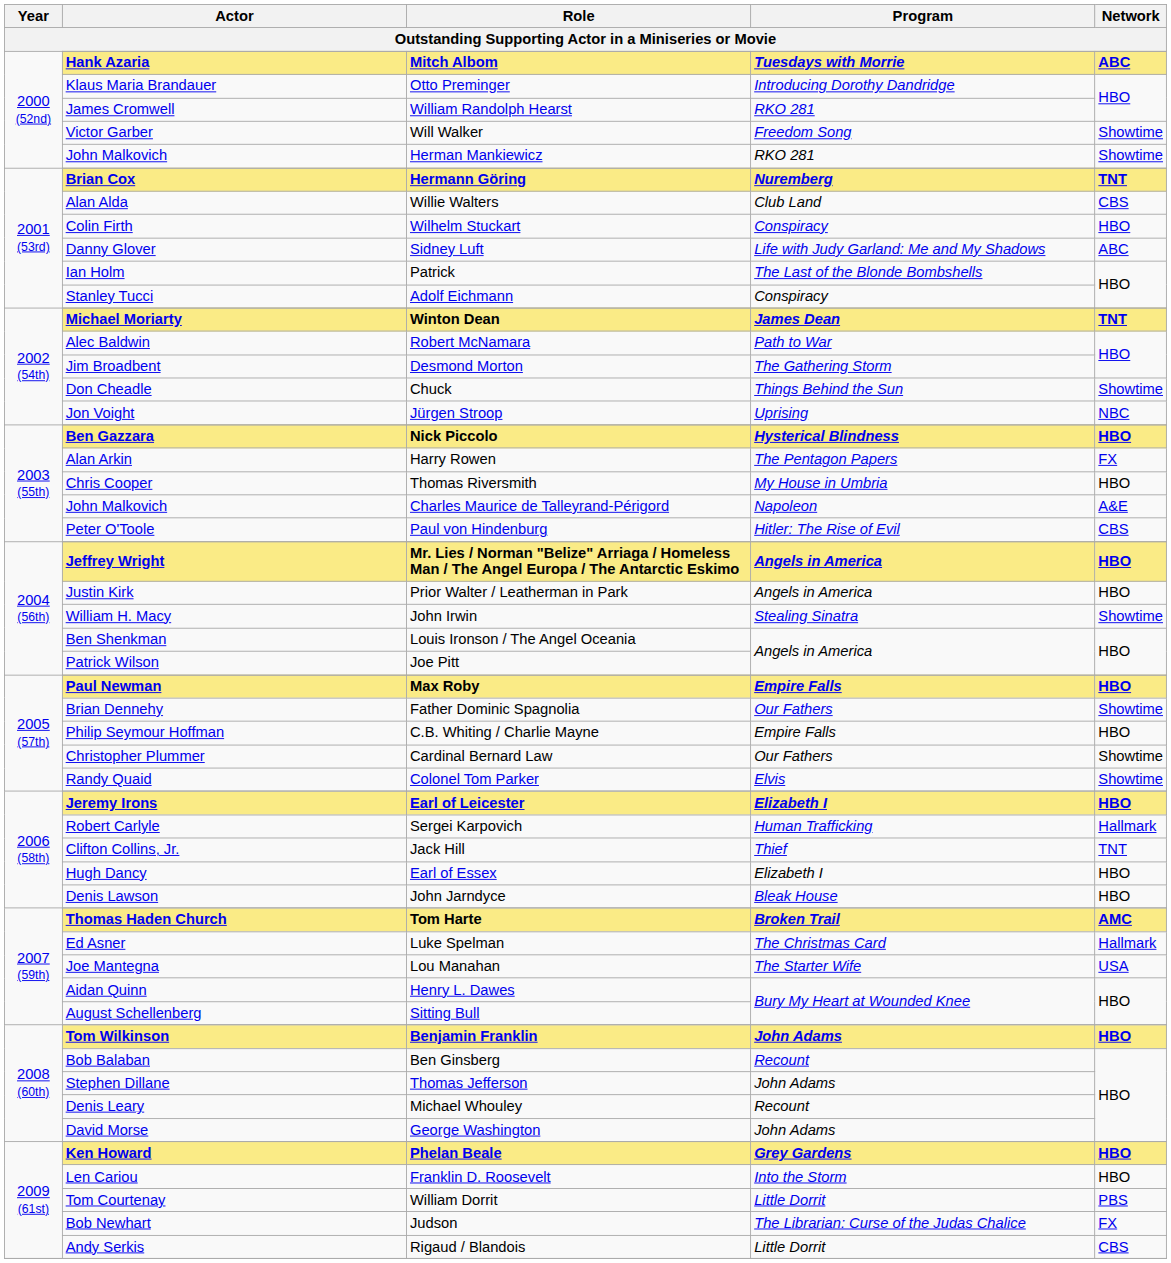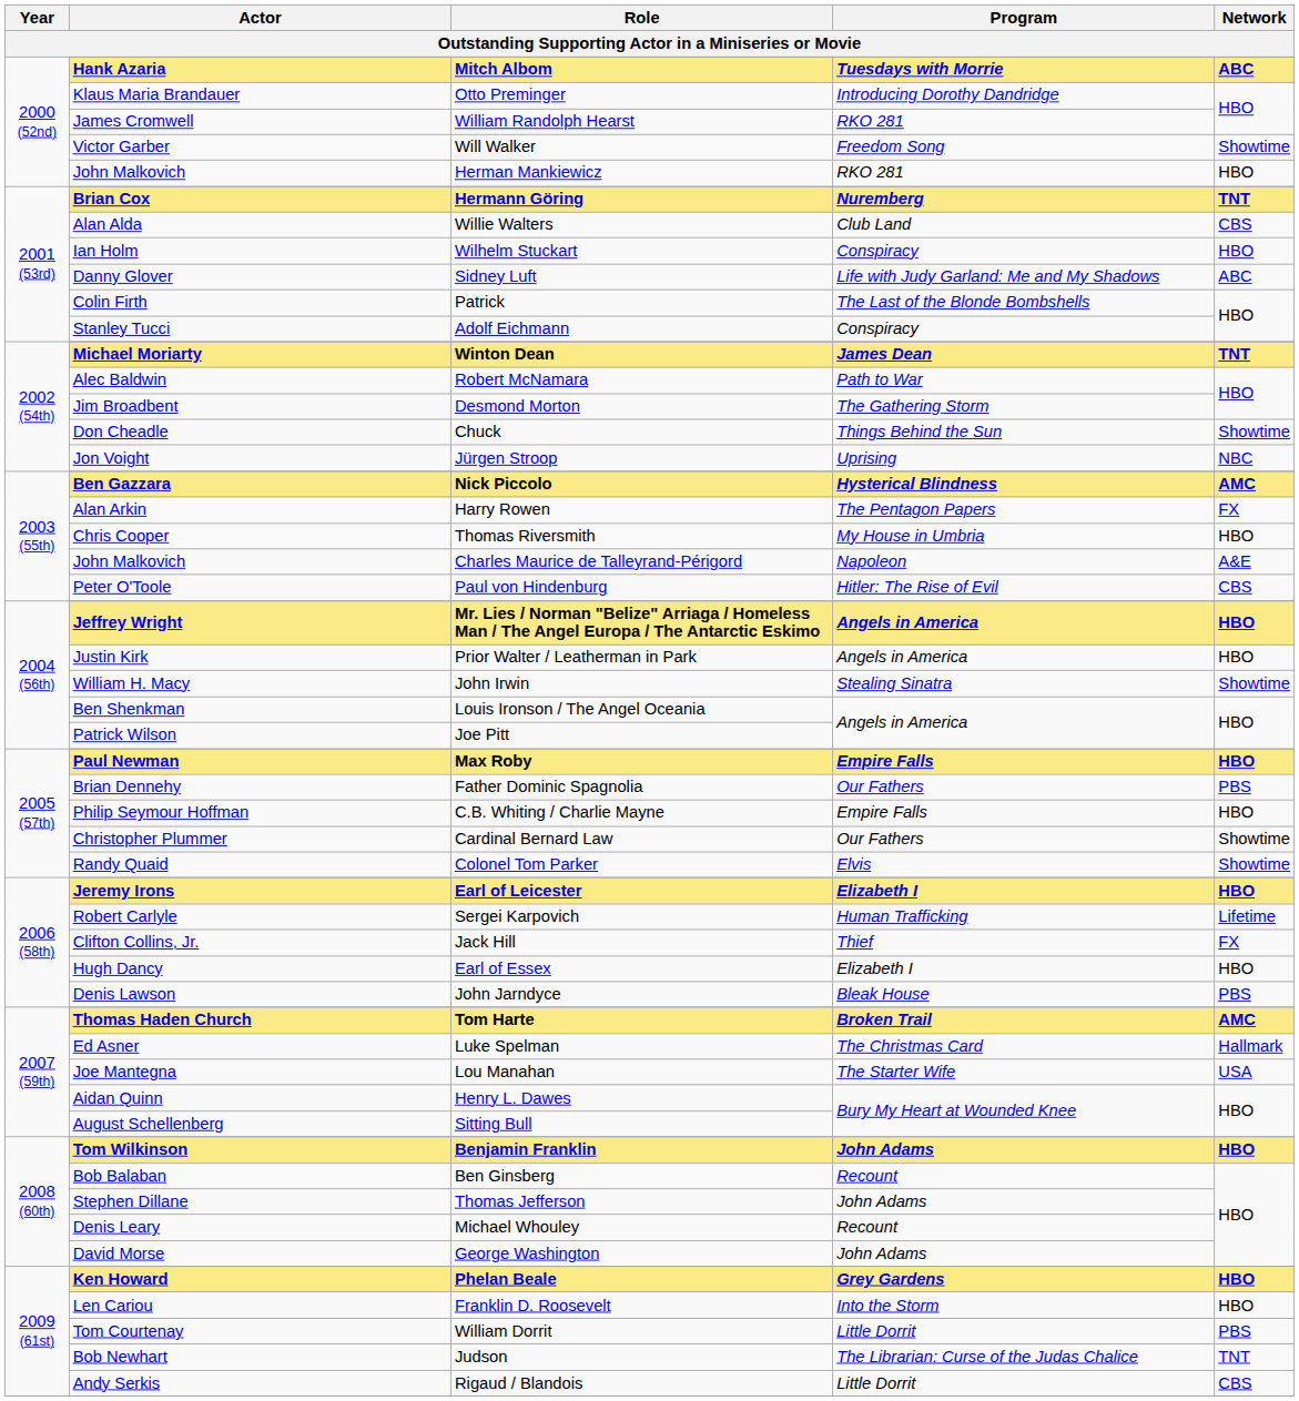 <table class="wikitable" style="width:100%">
 <tr bgcolor="#bebebe">
 <th width="5%">Year</th>
 <th width="30%">Actor</th>
 <th width="30%">Role</th>
 <th width="30%">Program</th>
 <th width="5%">Network</th>
 </tr>
 <tr>
 <th colspan=5>Outstanding Supporting Actor in a Miniseries or Movie</th>
 </tr>
 <tr>
 <td rowspan=6 style="text-align:center"><a href='#'>2000</a><br><small><a href='#'>(52nd)</a></small></td>
 </tr>
 <tr style="background:#FAEB86;">
 <td><strong><a href='#'>Hank Azaria</a></strong></td>
 <td><strong><a href='#'>Mitch Albom</a></strong></td>
 <td><strong><em><a href='#'>Tuesdays with Morrie</a></em></strong></td>
 <td><strong><a href='#'>ABC</a></strong></td>
 </tr>
 <tr>
 <td><a href='#'>Klaus Maria Brandauer</a></td>
 <td><a href='#'>Otto Preminger</a></td>
 <td><em><a href='#'>Introducing Dorothy Dandridge</a></em></td>
 <td rowspan=2><a href='#'>HBO</a></td>
 </tr>
 <tr>
 <td><a href='#'>James Cromwell</a></td>
 <td><a href='#'>William Randolph Hearst</a></td>
 <td><em><a href='#'>RKO 281</a></em></td>
 </tr>
 <tr>
 <td><a href='#'>Victor Garber</a></td>
 <td>Will Walker</td>
 <td><em><a href='#'>Freedom Song</a></em></td>
 <td><a href='#'>Showtime</a></td>
 </tr>
 <tr>
 <td><a href='#'>John Malkovich</a></td>
 <td><a href='#'>Herman Mankiewicz</a></td>
 <td><em>RKO 281</em></td>
-<td><a href='#'>Showtime</a></td>
+<td>HBO</td>
 </tr>
 <tr>
 <td rowspan=7 style="text-align:center"><a href='#'>2001</a><br><small><a href='#'>(53rd)</a></small></td>
 </tr>
 <tr style="background:#FAEB86;">
 <td><strong><a href='#'>Brian Cox</a></strong></td>
 <td><strong><a href='#'>Hermann Göring</a></strong></td>
 <td><strong><em><a href='#'>Nuremberg</a></em></strong></td>
 <td><strong><a href='#'>TNT</a></strong></td>
 </tr>
 <tr>
 <td><a href='#'>Alan Alda</a></td>
 <td>Willie Walters</td>
 <td><em>Club Land</em></td>
 <td><a href='#'>CBS</a></td>
 </tr>
 <tr>
-<td><a href='#'>Colin Firth</a></td>
+<td><a href='#'>Ian Holm</a></td>
 <td><a href='#'>Wilhelm Stuckart</a></td>
 <td><em><a href='#'>Conspiracy</a></em></td>
 <td><a href='#'>HBO</a></td>
 </tr>
 <tr>
 <td><a href='#'>Danny Glover</a></td>
 <td><a href='#'>Sidney Luft</a></td>
 <td><em><a href='#'>Life with Judy Garland: Me and My Shadows</a></em></td>
 <td><a href='#'>ABC</a></td>
 </tr>
 <tr>
-<td><a href='#'>Ian Holm</a></td>
+<td><a href='#'>Colin Firth</a></td>
 <td>Patrick</td>
 <td><em><a href='#'>The Last of the Blonde Bombshells</a></em></td>
 <td rowspan=2>HBO</td>
 </tr>
 <tr>
 <td><a href='#'>Stanley Tucci</a></td>
 <td><a href='#'>Adolf Eichmann</a></td>
 <td><em>Conspiracy</em></td>
 </tr>
 <tr>
 <td rowspan=6 style="text-align:center"><a href='#'>2002</a><br><small><a href='#'>(54th)</a></small></td>
 </tr>
 <tr style="background:#FAEB86;">
 <td><strong><a href='#'>Michael Moriarty</a></strong></td>
 <td><strong>Winton Dean</strong></td>
 <td><strong><em><a href='#'>James Dean</a></em></strong></td>
 <td><strong><a href='#'>TNT</a></strong></td>
 </tr>
 <tr>
 <td><a href='#'>Alec Baldwin</a></td>
 <td><a href='#'>Robert McNamara</a></td>
 <td><em><a href='#'>Path to War</a></em></td>
 <td rowspan=2><a href='#'>HBO</a></td>
 </tr>
 <tr>
 <td><a href='#'>Jim Broadbent</a></td>
 <td><a href='#'>Desmond Morton</a></td>
 <td><em><a href='#'>The Gathering Storm</a></em></td>
 </tr>
 <tr>
 <td><a href='#'>Don Cheadle</a></td>
 <td>Chuck</td>
 <td><em><a href='#'>Things Behind the Sun</a></em></td>
 <td><a href='#'>Showtime</a></td>
 </tr>
 <tr>
 <td><a href='#'>Jon Voight</a></td>
 <td><a href='#'>Jürgen Stroop</a></td>
 <td><em><a href='#'>Uprising</a></em></td>
 <td><a href='#'>NBC</a></td>
 </tr>
 <tr>
 <td rowspan=6 style="text-align:center"><a href='#'>2003</a><br><small><a href='#'>(55th)</a></small></td>
 </tr>
 <tr style="background:#FAEB86;">
 <td><strong><a href='#'>Ben Gazzara</a></strong></td>
 <td><strong>Nick Piccolo</strong></td>
 <td><strong><em><a href='#'>Hysterical Blindness</a></em></strong></td>
-<td><strong><a href='#'>HBO</a></strong></td>
+<td><strong><a href='#'>AMC</a></strong></td>
 </tr>
 <tr>
 <td><a href='#'>Alan Arkin</a></td>
 <td>Harry Rowen</td>
 <td><em><a href='#'>The Pentagon Papers</a></em></td>
 <td><a href='#'>FX</a></td>
 </tr>
 <tr>
 <td><a href='#'>Chris Cooper</a></td>
 <td>Thomas Riversmith</td>
 <td><em><a href='#'>My House in Umbria</a></em></td>
 <td>HBO</td>
 </tr>
 <tr>
 <td><a href='#'>John Malkovich</a></td>
 <td><a href='#'>Charles Maurice de Talleyrand-Périgord</a></td>
 <td><em><a href='#'>Napoleon</a></em></td>
 <td><a href='#'>A&E</a></td>
 </tr>
 <tr>
 <td><a href='#'>Peter O'Toole</a></td>
 <td><a href='#'>Paul von Hindenburg</a></td>
 <td><em><a href='#'>Hitler: The Rise of Evil</a></em></td>
 <td><a href='#'>CBS</a></td>
 </tr>
 <tr>
 <td rowspan=6 style="text-align:center"><a href='#'>2004</a><br><small><a href='#'>(56th)</a></small></td>
 </tr>
 <tr style="background:#FAEB86;">
 <td><strong><a href='#'>Jeffrey Wright</a></strong></td>
 <td><strong>Mr. Lies / Norman "Belize" Arriaga / Homeless Man / The Angel Europa / The Antarctic Eskimo</strong></td>
 <td><strong><em><a href='#'>Angels in America</a></em></strong></td>
 <td><strong><a href='#'>HBO</a></strong></td>
 </tr>
 <tr>
 <td><a href='#'>Justin Kirk</a></td>
 <td>Prior Walter / Leatherman in Park</td>
 <td><em>Angels in America</em></td>
 <td>HBO</td>
 </tr>
 <tr>
 <td><a href='#'>William H. Macy</a></td>
 <td>John Irwin</td>
 <td><em><a href='#'>Stealing Sinatra</a></em></td>
 <td><a href='#'>Showtime</a></td>
 </tr>
 <tr>
 <td><a href='#'>Ben Shenkman</a></td>
 <td>Louis Ironson / The Angel Oceania</td>
 <td rowspan=2><em>Angels in America</em></td>
 <td rowspan=2>HBO</td>
 </tr>
 <tr>
 <td><a href='#'>Patrick Wilson</a></td>
 <td>Joe Pitt</td>
 </tr>
 <tr>
 <td rowspan=6 style="text-align:center"><a href='#'>2005</a><br><small><a href='#'>(57th)</a></small></td>
 </tr>
 <tr style="background:#FAEB86;">
 <td><strong><a href='#'>Paul Newman</a></strong></td>
 <td><strong>Max Roby</strong></td>
 <td><strong><em><a href='#'>Empire Falls</a></em></strong></td>
 <td><strong><a href='#'>HBO</a></strong></td>
 </tr>
 <tr>
 <td><a href='#'>Brian Dennehy</a></td>
 <td>Father Dominic Spagnolia</td>
 <td><em><a href='#'>Our Fathers</a></em></td>
-<td><a href='#'>Showtime</a></td>
+<td><a href='#'>PBS</a></td>
 </tr>
 <tr>
 <td><a href='#'>Philip Seymour Hoffman</a></td>
 <td>C.B. Whiting / Charlie Mayne</td>
 <td><em>Empire Falls</em></td>
 <td>HBO</td>
 </tr>
 <tr>
 <td><a href='#'>Christopher Plummer</a></td>
 <td>Cardinal Bernard Law</td>
 <td><em>Our Fathers</em></td>
 <td>Showtime</td>
 </tr>
 <tr>
 <td><a href='#'>Randy Quaid</a></td>
 <td><a href='#'>Colonel Tom Parker</a></td>
 <td><em><a href='#'>Elvis</a></em></td>
 <td><a href='#'>Showtime</a></td>
 </tr>
 <tr>
 <td rowspan=6 style="text-align:center"><a href='#'>2006</a><br><small><a href='#'>(58th)</a></small></td>
 </tr>
 <tr style="background:#FAEB86;">
 <td><strong><a href='#'>Jeremy Irons</a></strong></td>
 <td><strong><a href='#'>Earl of Leicester</a></strong></td>
 <td><strong><em><a href='#'>Elizabeth I</a></em></strong></td>
 <td><strong><a href='#'>HBO</a></strong></td>
 </tr>
 <tr>
 <td><a href='#'>Robert Carlyle</a></td>
 <td>Sergei Karpovich</td>
 <td><em><a href='#'>Human Trafficking</a></em></td>
-<td><a href='#'>Hallmark</a></td>
+<td><a href='#'>Lifetime</a></td>
 </tr>
 <tr>
 <td><a href='#'>Clifton Collins, Jr.</a></td>
 <td>Jack Hill</td>
 <td><em><a href='#'>Thief</a></em></td>
-<td><a href='#'>TNT</a></td>
+<td><a href='#'>FX</a></td>
 </tr>
 <tr>
 <td><a href='#'>Hugh Dancy</a></td>
 <td><a href='#'>Earl of Essex</a></td>
 <td><em>Elizabeth I</em></td>
 <td>HBO</td>
 </tr>
 <tr>
 <td><a href='#'>Denis Lawson</a></td>
 <td>John Jarndyce</td>
 <td><em><a href='#'>Bleak House</a></em></td>
-<td>HBO</td>
+<td><a href='#'>PBS</a></td>
 </tr>
 <tr>
 <td rowspan=6 style="text-align:center"><a href='#'>2007</a><br><small><a href='#'>(59th)</a></small></td>
 </tr>
 <tr style="background:#FAEB86;">
 <td><strong><a href='#'>Thomas Haden Church</a></strong></td>
 <td><strong>Tom Harte</strong></td>
 <td><strong><em><a href='#'>Broken Trail</a></em></strong></td>
 <td><strong><a href='#'>AMC</a></strong></td>
 </tr>
 <tr>
 <td><a href='#'>Ed Asner</a></td>
 <td>Luke Spelman</td>
 <td><em><a href='#'>The Christmas Card</a></em></td>
 <td><a href='#'>Hallmark</a></td>
 </tr>
 <tr>
 <td><a href='#'>Joe Mantegna</a></td>
 <td>Lou Manahan</td>
 <td><em><a href='#'>The Starter Wife</a></em></td>
 <td><a href='#'>USA</a></td>
 </tr>
 <tr>
 <td><a href='#'>Aidan Quinn</a></td>
 <td><a href='#'>Henry L. Dawes</a></td>
 <td rowspan=2><em><a href='#'>Bury My Heart at Wounded Knee</a></em></td>
 <td rowspan=2>HBO</td>
 </tr>
 <tr>
 <td><a href='#'>August Schellenberg</a></td>
 <td><a href='#'>Sitting Bull</a></td>
 </tr>
 <tr>
 <td rowspan=6 style="text-align:center"><a href='#'>2008</a><br><small><a href='#'>(60th)</a></small></td>
 </tr>
 <tr style="background:#FAEB86;">
 <td><strong><a href='#'>Tom Wilkinson</a></strong></td>
 <td><strong><a href='#'>Benjamin Franklin</a></strong></td>
 <td><strong><em><a href='#'>John Adams</a></em></strong></td>
 <td><strong><a href='#'>HBO</a></strong></td>
 </tr>
 <tr>
 <td><a href='#'>Bob Balaban</a></td>
 <td>Ben Ginsberg</td>
 <td><em><a href='#'>Recount</a></em></td>
 <td rowspan=4>HBO</td>
 </tr>
 <tr>
 <td><a href='#'>Stephen Dillane</a></td>
 <td><a href='#'>Thomas Jefferson</a></td>
 <td><em>John Adams</em></td>
 </tr>
 <tr>
 <td><a href='#'>Denis Leary</a></td>
 <td>Michael Whouley</td>
 <td><em>Recount</em></td>
 </tr>
 <tr>
 <td><a href='#'>David Morse</a></td>
 <td><a href='#'>George Washington</a></td>
 <td><em>John Adams</em></td>
 </tr>
 <tr>
 <td rowspan=6 style="text-align:center"><a href='#'>2009</a><br><small><a href='#'>(61st)</a></small></td>
 </tr>
 <tr style="background:#FAEB86;">
 <td><strong><a href='#'>Ken Howard</a></strong></td>
 <td><strong><a href='#'>Phelan Beale</a></strong></td>
 <td><strong><em><a href='#'>Grey Gardens</a></em></strong></td>
 <td><strong><a href='#'>HBO</a></strong></td>
 </tr>
 <tr>
 <td><a href='#'>Len Cariou</a></td>
 <td><a href='#'>Franklin D. Roosevelt</a></td>
 <td><em><a href='#'>Into the Storm</a></em></td>
 <td>HBO</td>
 </tr>
 <tr>
 <td><a href='#'>Tom Courtenay</a></td>
 <td>William Dorrit</td>
 <td><em><a href='#'>Little Dorrit</a></em></td>
 <td><a href='#'>PBS</a></td>
 </tr>
 <tr>
 <td><a href='#'>Bob Newhart</a></td>
 <td>Judson</td>
 <td><em><a href='#'>The Librarian: Curse of the Judas Chalice</a></em></td>
-<td><a href='#'>FX</a></td>
+<td><a href='#'>TNT</a></td>
 </tr>
 <tr>
 <td><a href='#'>Andy Serkis</a></td>
 <td>Rigaud / Blandois</td>
 <td><em>Little Dorrit</em></td>
 <td><a href='#'>CBS</a></td>
 </tr>
 <tr>
 </tr>
 </table>
